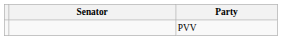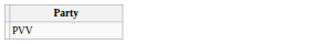 <table class="sortable wikitable" style="text-align:left; font-size:90%;">
 <tr>
 <th></th>
-<th width="250">Senator</th>
 <th width="150">Party</th>
 </tr>
 <tr>
 <td></td>
-<td></td>
 <td>PVV</td>
 </tr>
 </table>
